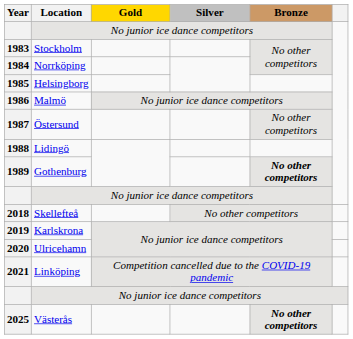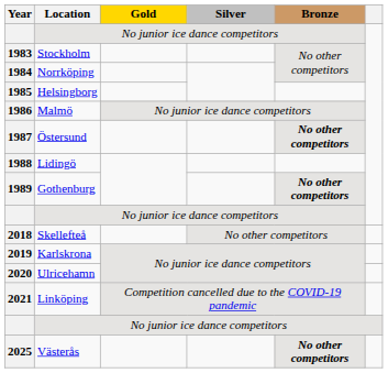 <table class="wikitable unsortable" style="text-align:left; width:80%">
 <tr>
 <th scope="col" style="text-align:center; width:5%">Year</th>
 <th scope="col" style="text-align:center; width:15%">Location</th>
 <th scope="col" style="text-align:center; width:25%; background:gold">Gold</th>
 <th scope="col" style="text-align:center; width:25%; background:silver">Silver</th>
 <th scope="col" style="text-align:center; width:25%; background:#c96">Bronze</th>
 <th scope="col" style="text-align:center; width:5%"></th>
 </tr>
 <tr>
 <th scope="row" style="text-align:left"></th>
 <td colspan="4" align="center" bgcolor="e5e4e2"><em>No junior ice dance competitors</em></td>
 <td rowspan="9"></td>
 </tr>
 <tr>
 <th scope="row" style="text-align:left">1983</th>
 <td><a href='#'>Stockholm</a></td>
 <td></td>
 <td></td>
 <td rowspan="2" align="center" bgcolor="e5e4e2"><em>No other competitors</em></td>
 </tr>
 <tr>
 <th scope="row" style="text-align:left">1984</th>
 <td><a href='#'>Norrköping</a></td>
 <td></td>
 <td rowspan="2"></td>
 </tr>
 <tr>
 <th scope="row" style="text-align:left">1985</th>
 <td><a href='#'>Helsingborg</a></td>
 <td></td>
 <td></td>
 </tr>
 <tr>
 <th scope="row" style="text-align:left">1986</th>
 <td><a href='#'>Malmö</a></td>
 <td colspan="3" align="center" bgcolor="e5e4e2"><em>No junior ice dance competitors</em></td>
 </tr>
 <tr>
 <th scope="row" style="text-align:left">1987</th>
 <td><a href='#'>Östersund</a></td>
 <td></td>
 <td></td>
-<td align="center" bgcolor="e5e4e2"><em>No other competitors</em></td>
+<td align="center" bgcolor="e5e4e2"><strong><em>No other competitors</em></strong></td>
 </tr>
 <tr>
 <th scope="row" style="text-align:left">1988</th>
 <td><a href='#'>Lidingö</a></td>
 <td rowspan="2"></td>
 <td></td>
 <td></td>
 </tr>
 <tr>
 <th scope="row" style="text-align:left">1989</th>
 <td><a href='#'>Gothenburg</a></td>
 <td></td>
 <td align="center" bgcolor="e5e4e2"><strong><em>No other competitors</em></strong></td>
 </tr>
 <tr>
 <th scope="row" style="text-align:left"></th>
 <td colspan="4" align="center" bgcolor="e5e4e2"><em>No junior ice dance competitors</em></td>
 </tr>
 <tr>
 <th scope="row" style="text-align:left">2018</th>
 <td><a href='#'>Skellefteå</a></td>
 <td></td>
 <td colspan="2" align="center" bgcolor="e5e4e2"><em>No other competitors</em></td>
 <td></td>
 </tr>
 <tr>
 <th scope="row" style="text-align:left">2019</th>
 <td><a href='#'>Karlskrona</a></td>
 <td colspan="3" rowspan="2" align="center" bgcolor="e5e4e2"><em>No junior ice dance competitors</em></td>
 <td></td>
 </tr>
 <tr>
 <th scope="row" style="text-align:left">2020</th>
 <td><a href='#'>Ulricehamn</a></td>
 <td></td>
 </tr>
 <tr>
 <th scope="row" style="text-align:left">2021</th>
 <td><a href='#'>Linköping</a></td>
 <td colspan="3" align="center" bgcolor="e5e4e2"><em>Competition cancelled due to the <a href='#'>COVID-19 pandemic</a></em></td>
 <td></td>
 </tr>
 <tr>
 <th scope="row" style="text-align:left"></th>
 <td colspan="5" align="center" bgcolor="e5e4e2"><em>No junior ice dance competitors</em></td>
 </tr>
 <tr>
 <th scope="row" style="text-align:left">2025</th>
 <td><a href='#'>Västerås</a></td>
 <td></td>
 <td></td>
 <td align="center" bgcolor="e5e4e2"><strong><em>No other competitors</em></strong></td>
 <td></td>
 </tr>
 </table>
